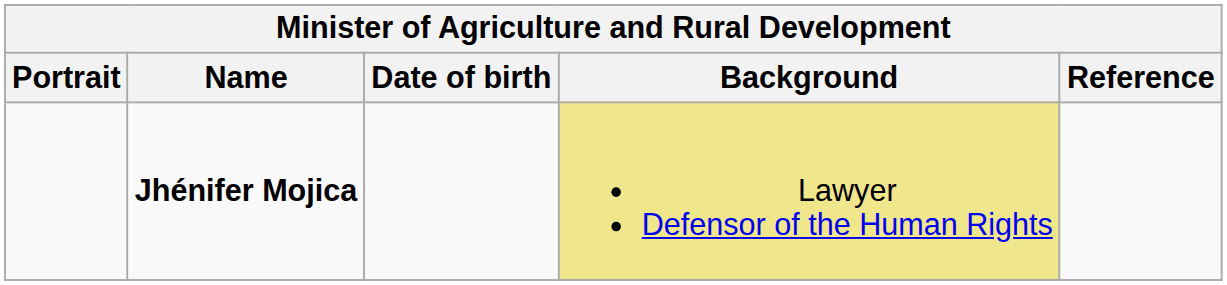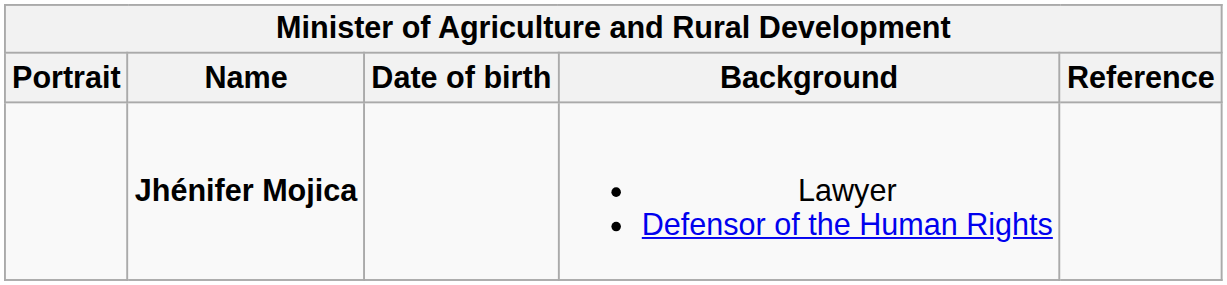 <table class="wikitable collapsible" style="text-align:center;">
 <tr>
 <th colspan="5">Minister of Agriculture and Rural Development</th>
 </tr>
 <tr>
 <th>Portrait</th>
 <th>Name</th>
 <th>Date of birth</th>
 <th>Background</th>
 <th>Reference</th>
 </tr>
 <tr>
 <td></td>
 <td><strong>Jhénifer Mojica</strong></td>
 <td></td>
-<td style="background: khaki;"><br><ul><li>Lawyer</li><li><a href='#'>Defensor of the Human Rights</a></li></ul></td>
+<td><br><ul><li>Lawyer</li><li><a href='#'>Defensor of the Human Rights</a></li></ul></td>
 <td></td>
 </tr>
 </table>
